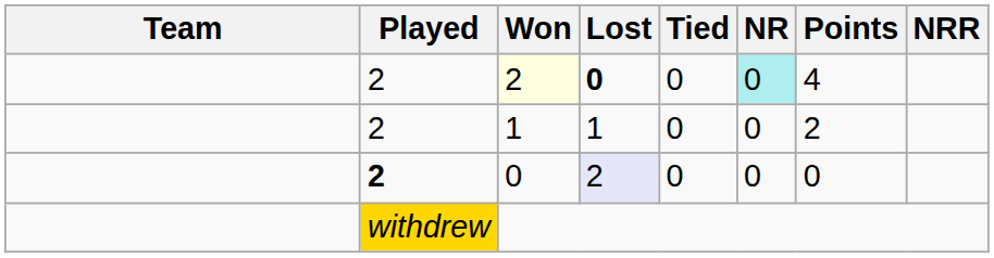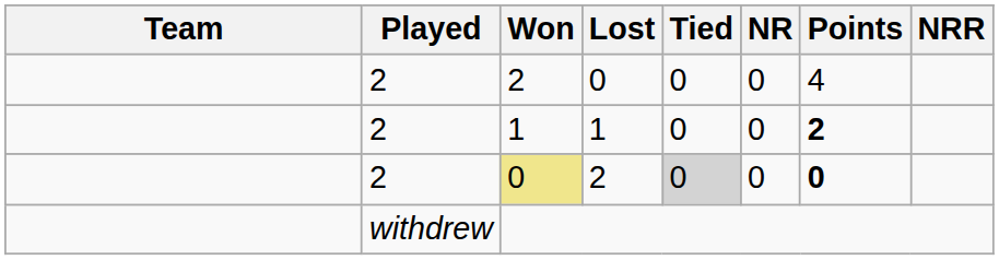 <table class="wikitable">
 <tr>
 <th width=175>Team</th>
 <th>Played</th>
 <th>Won</th>
 <th>Lost</th>
 <th>Tied</th>
 <th>NR</th>
 <th>Points</th>
 <th>NRR</th>
 </tr>
 <tr>
 <td></td>
 <td>2</td>
-<td style="background: lightyellow;">2</td>
-<td><strong>0</strong></td>
+<td>2</td>
 <td>0</td>
-<td style="background: paleturquoise;">0</td>
+<td>0</td>
+<td>0</td>
 <td>4</td>
 <td></td>
 </tr>
 <tr>
 <td></td>
 <td>2</td>
 <td>1</td>
 <td>1</td>
 <td>0</td>
 <td>0</td>
-<td>2</td>
+<td><strong>2</strong></td>
 <td></td>
 </tr>
 <tr>
 <td></td>
-<td><strong>2</strong></td>
+<td>2</td>
+<td style="background: khaki;">0</td>
+<td>2</td>
+<td style="background: lightgrey;">0</td>
 <td>0</td>
-<td style="background: lavender;">2</td>
-<td>0</td>
-<td>0</td>
-<td>0</td>
+<td><strong>0</strong></td>
 <td></td>
 </tr>
 <tr>
 <td></td>
-<td style="background: gold;"><em>withdrew</em></td>
+<td><em>withdrew</em></td>
 </tr>
 </table>
